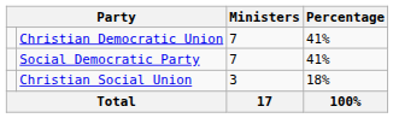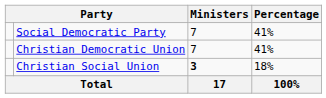 <table class="wikitable" align=right>
 <tr>
 <th colspan="2">Party</th>
 <th>Ministers</th>
 <th>Percentage</th>
 </tr>
 <tr>
 <td width="4px"></td>
-<td><a href='#'>Christian Democratic Union</a></td>
+<td><a href='#'>Social Democratic Party</a></td>
 <td>7</td>
 <td>41%</td>
 </tr>
 <tr>
 <td width="4px"></td>
-<td><a href='#'>Social Democratic Party</a></td>
+<td><a href='#'>Christian Democratic Union</a></td>
 <td>7</td>
 <td>41%</td>
 </tr>
 <tr>
 <td></td>
 <td><a href='#'>Christian Social Union</a></td>
-<td>3</td>
+<td><strong>3</strong></td>
 <td>18%</td>
 </tr>
 <tr>
 <th colspan="2">Total</th>
 <th>17</th>
 <th>100%</th>
 </tr>
 </table>
